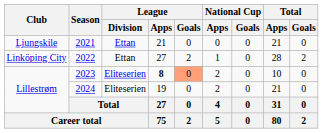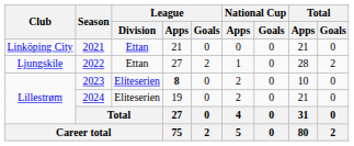 <table class="wikitable" style="text-align: center;">
 <tr>
 <th rowspan="2">Club</th>
 <th rowspan="2">Season</th>
 <th colspan="3">League</th>
 <th colspan="2">National Cup</th>
 <th colspan="2">Total</th>
 </tr>
 <tr>
 <th>Division</th>
 <th>Apps</th>
 <th>Goals</th>
 <th>Apps</th>
 <th>Goals</th>
 <th>Apps</th>
 <th>Goals</th>
 </tr>
 <tr>
-<td><a href='#'>Ljungskile</a></td>
+<td><a href='#'>Linköping City</a></td>
 <td><a href='#'>2021</a></td>
 <td><a href='#'>Ettan</a></td>
 <td>21</td>
 <td>0</td>
 <td>0</td>
 <td>0</td>
 <td>21</td>
 <td>0</td>
 </tr>
 <tr>
-<td><a href='#'>Linköping City</a></td>
+<td><a href='#'>Ljungskile</a></td>
 <td><a href='#'>2022</a></td>
 <td>Ettan</td>
 <td>27</td>
 <td>2</td>
 <td>1</td>
 <td>0</td>
 <td>28</td>
 <td>2</td>
 </tr>
 <tr>
 <td rowspan="3"><a href='#'>Lillestrøm</a></td>
 <td><a href='#'>2023</a></td>
 <td><a href='#'>Eliteserien</a></td>
 <td><strong>8</strong></td>
-<td style="background: lightsalmon;">0</td>
+<td>0</td>
 <td>2</td>
 <td>0</td>
 <td>10</td>
 <td>0</td>
 </tr>
 <tr>
 <td><a href='#'>2024</a></td>
 <td>Eliteserien</td>
 <td>19</td>
 <td>0</td>
 <td>2</td>
 <td>0</td>
 <td>21</td>
 <td>0</td>
 </tr>
 <tr>
 <th colspan="2">Total</th>
 <th>27</th>
 <th>0</th>
 <th>4</th>
 <th>0</th>
 <th>31</th>
 <th>0</th>
 </tr>
 <tr>
 <th colspan="3">Career total</th>
 <th>75</th>
 <th>2</th>
 <th>5</th>
 <th>0</th>
 <th>80</th>
 <th>2</th>
 </tr>
 </table>
